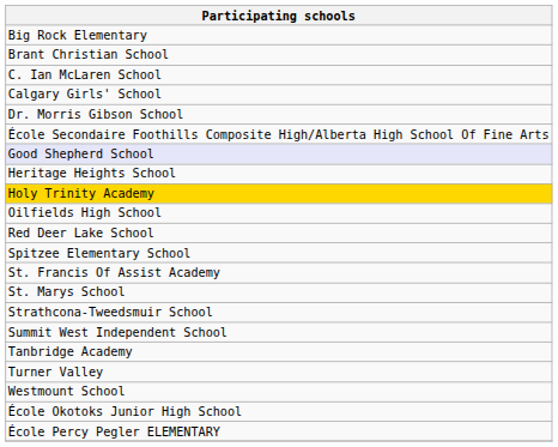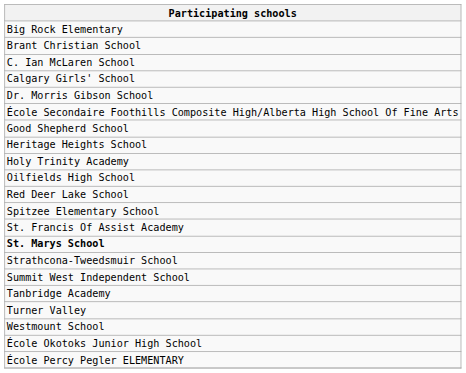 <table class="wikitable" align=right>
 <tr>
 <th>Participating schools</th>
 </tr>
 <tr>
 <td>Big Rock Elementary</td>
 </tr>
 <tr>
 <td>Brant Christian School</td>
 </tr>
 <tr>
 <td>C. Ian McLaren School</td>
 </tr>
 <tr>
 <td>Calgary Girls' School</td>
 </tr>
 <tr>
 <td>Dr. Morris Gibson School</td>
 </tr>
 <tr>
 <td>École Secondaire Foothills Composite High/Alberta High School Of Fine Arts</td>
 </tr>
 <tr>
-<td style="background: lavender;">Good Shepherd School</td>
+<td>Good Shepherd School</td>
 </tr>
 <tr>
 <td>Heritage Heights School</td>
 </tr>
 <tr>
-<td style="background: gold;">Holy Trinity Academy</td>
+<td>Holy Trinity Academy</td>
 </tr>
 <tr>
 <td>Oilfields High School</td>
 </tr>
 <tr>
 <td>Red Deer Lake School</td>
 </tr>
 <tr>
 <td>Spitzee Elementary School</td>
 </tr>
 <tr>
 <td>St. Francis Of Assist Academy</td>
 </tr>
 <tr>
-<td>St. Marys School</td>
+<td><strong>St. Marys School</strong></td>
 </tr>
 <tr>
 <td>Strathcona-Tweedsmuir School</td>
 </tr>
 <tr>
 <td>Summit West Independent School</td>
 </tr>
 <tr>
 <td>Tanbridge Academy</td>
 </tr>
 <tr>
 <td>Turner Valley</td>
 </tr>
 <tr>
 <td>Westmount School</td>
 </tr>
 <tr>
 <td>École Okotoks Junior High School</td>
 </tr>
 <tr>
 <td>École Percy Pegler ELEMENTARY</td>
 </tr>
 <tr>
 </tr>
 </table>
